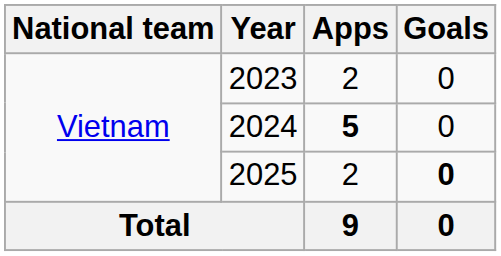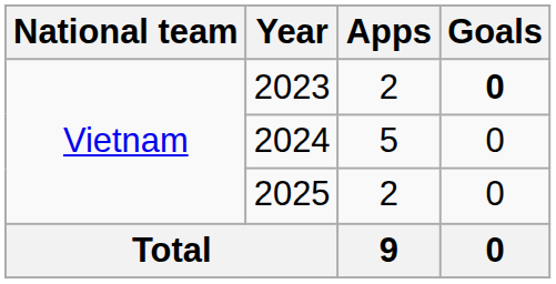 <table class=wikitable style=text-align:center>
 <tr>
 <th>National team</th>
 <th>Year</th>
 <th>Apps</th>
 <th>Goals</th>
 </tr>
 <tr>
 <td rowspan=3><a href='#'>Vietnam</a></td>
 <td>2023</td>
 <td>2</td>
-<td>0</td>
+<td><strong>0</strong></td>
 </tr>
 <tr>
 <td>2024</td>
-<td><strong>5</strong></td>
+<td>5</td>
 <td>0</td>
 </tr>
 <tr>
 <td>2025</td>
 <td>2</td>
-<td><strong>0</strong></td>
+<td>0</td>
 </tr>
 <tr>
 <th colspan=2>Total</th>
 <th>9</th>
 <th>0</th>
 </tr>
 </table>
